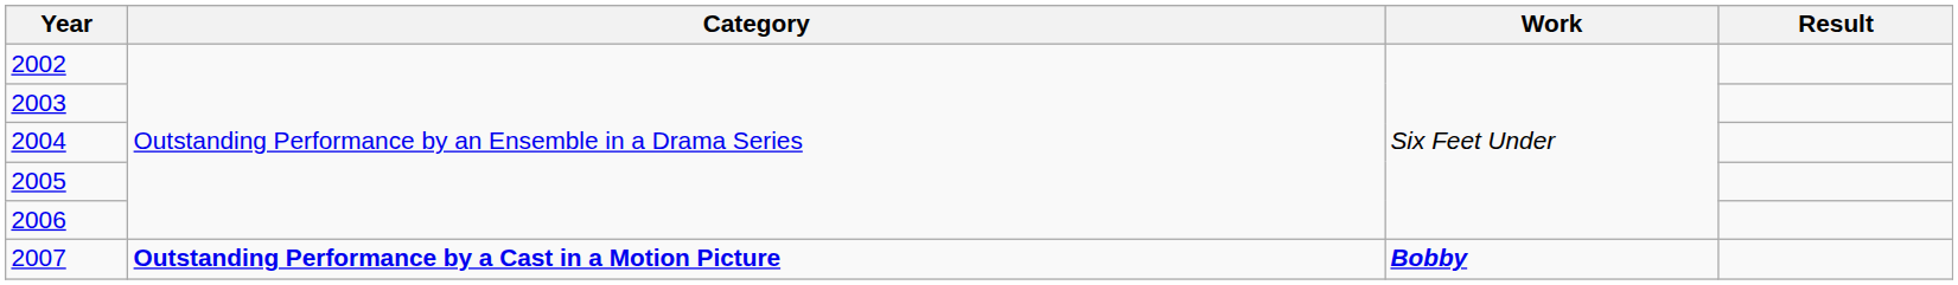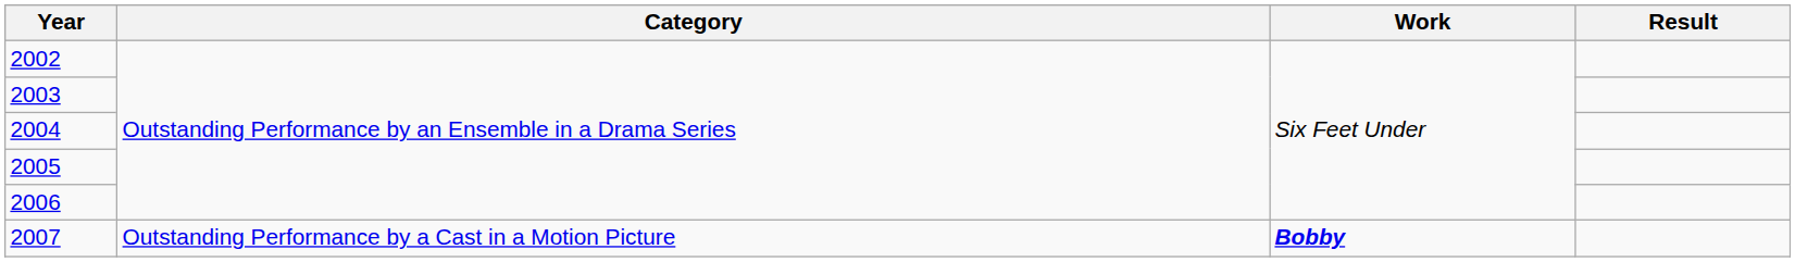 <table class="wikitable plainrowheaders sortable" style="width:100%;">
 <tr style="background:#ccc; text-align:center;">
 <th scope="col" with=2%>Year</th>
 <th scope="col" style="min-width: 140px; max-width: 165px;">Category</th>
 <th scope="col" style="min-width: 110px; max-width: 120px;">Work</th>
 <th scope="col" width=12%>Result</th>
 </tr>
 <tr>
 <td><a href='#'>2002</a></td>
 <td rowspan="5"><a href='#'>Outstanding Performance by an Ensemble in a Drama Series</a></td>
 <td rowspan="5"><em>Six Feet Under</em></td>
 <td></td>
 </tr>
 <tr>
 <td><a href='#'>2003</a></td>
 <td></td>
 </tr>
 <tr>
 <td><a href='#'>2004</a></td>
 <td></td>
 </tr>
 <tr>
 <td><a href='#'>2005</a></td>
 <td></td>
 </tr>
 <tr>
 <td><a href='#'>2006</a></td>
 <td></td>
 </tr>
 <tr>
 <td><a href='#'>2007</a></td>
-<td><strong><a href='#'>Outstanding Performance by a Cast in a Motion Picture</a></strong></td>
+<td><a href='#'>Outstanding Performance by a Cast in a Motion Picture</a></td>
 <td><strong><em><a href='#'>Bobby</a></em></strong></td>
 <td></td>
 </tr>
 </table>
